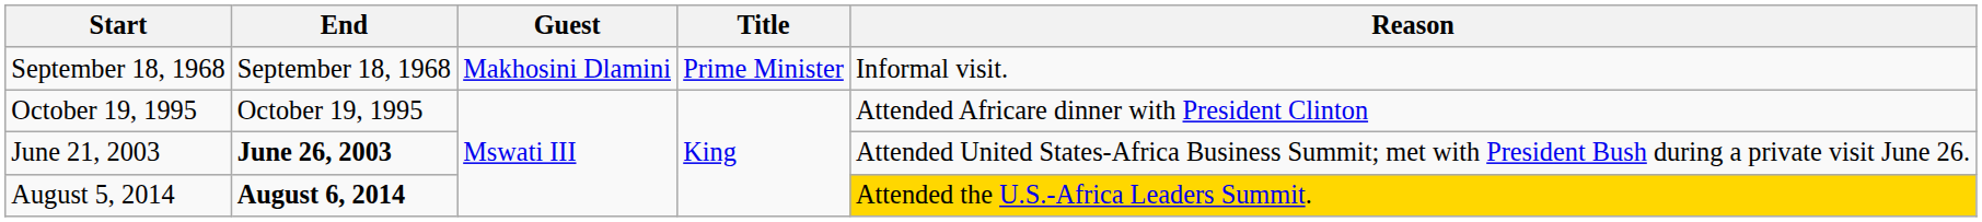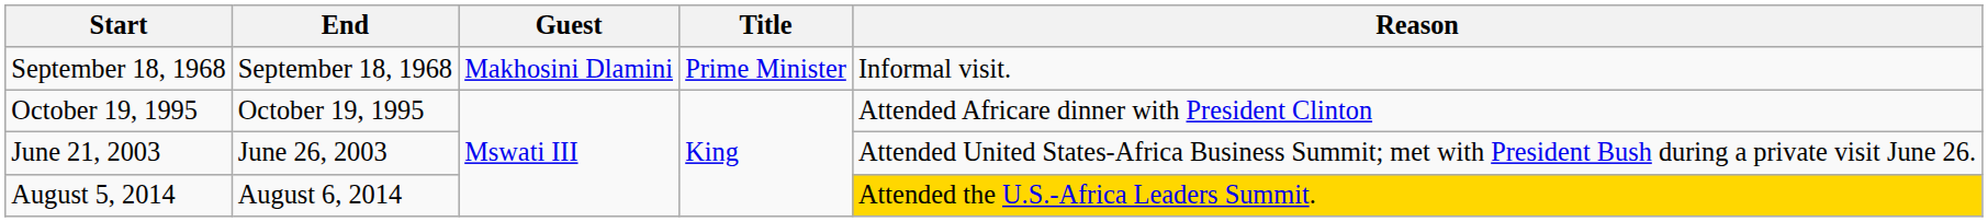 <table class="wikitable sortable">
 <tr>
 <th>Start</th>
 <th>End</th>
 <th>Guest</th>
 <th>Title</th>
 <th>Reason</th>
 </tr>
 <tr>
 <td>September 18, 1968</td>
 <td>September 18, 1968</td>
 <td><a href='#'>Makhosini Dlamini</a></td>
 <td><a href='#'>Prime Minister</a></td>
 <td>Informal visit.</td>
 </tr>
 <tr>
 <td>October 19, 1995</td>
 <td>October 19, 1995</td>
 <td rowspan=3><a href='#'>Mswati III</a></td>
 <td rowspan=3><a href='#'>King</a></td>
 <td>Attended Africare dinner with <a href='#'>President Clinton</a></td>
 </tr>
 <tr>
 <td>June 21, 2003</td>
-<td><strong>June 26, 2003</strong></td>
+<td>June 26, 2003</td>
 <td>Attended United States-Africa Business Summit; met with <a href='#'>President Bush</a> during a private visit June 26.</td>
 </tr>
 <tr>
 <td>August 5, 2014</td>
-<td><strong>August 6, 2014</strong></td>
+<td>August 6, 2014</td>
 <td style="background: gold;">Attended the <a href='#'>U.S.-Africa Leaders Summit</a>.</td>
 </tr>
 </table>
